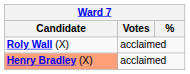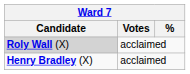 <table class="wikitable">
 <tr>
 <th colspan="3"><a href='#'>Ward 7</a></th>
 </tr>
 <tr>
 <th style="width: 170px">Candidate</th>
 <th style="width: 50px">Votes</th>
 <th style="width: 40px">%</th>
 </tr>
 <tr>
-<td><strong><a href='#'>Roly Wall</a></strong> (X)</td>
+<td style="background: lightgrey;"><strong><a href='#'>Roly Wall</a></strong> (X)</td>
 <td colspan="2">acclaimed</td>
 </tr>
 <tr>
-<td style="background: lightsalmon;"><strong><a href='#'>Henry Bradley</a></strong> (X)</td>
+<td><strong><a href='#'>Henry Bradley</a></strong> (X)</td>
 <td colspan="2">acclaimed</td>
 </tr>
 </table>
